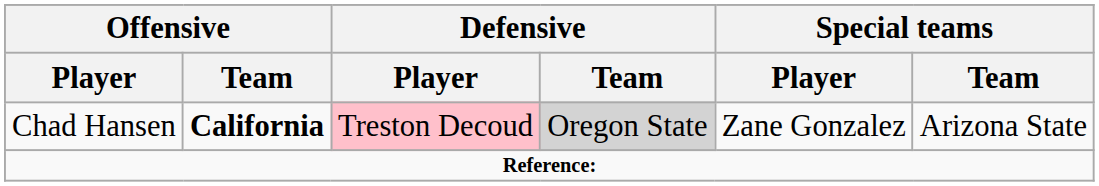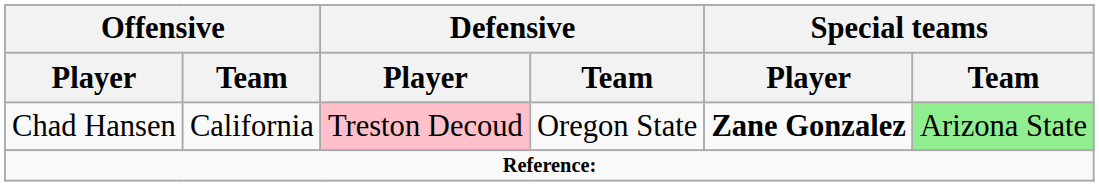 <table class="wikitable">
 <tr>
 <th colspan="2">Offensive</th>
 <th colspan="2">Defensive</th>
 <th colspan="2">Special teams</th>
 </tr>
 <tr>
 <th>Player</th>
 <th>Team</th>
 <th>Player</th>
 <th>Team</th>
 <th>Player</th>
 <th>Team</th>
 </tr>
 <tr>
 <td>Chad Hansen</td>
-<td><strong>California</strong></td>
+<td>California</td>
 <td style="background: pink;">Treston Decoud</td>
-<td style="background: lightgrey;">Oregon State</td>
-<td>Zane Gonzalez</td>
-<td>Arizona State</td>
+<td>Oregon State</td>
+<td><strong>Zane Gonzalez</strong></td>
+<td style="background: lightgreen;">Arizona State</td>
 </tr>
 <tr>
 <td colspan="12"  style="font-size:8pt; text-align:center;"><strong>Reference:</strong></td>
 </tr>
 </table>
